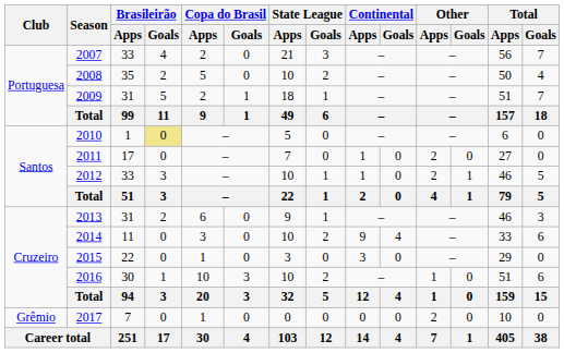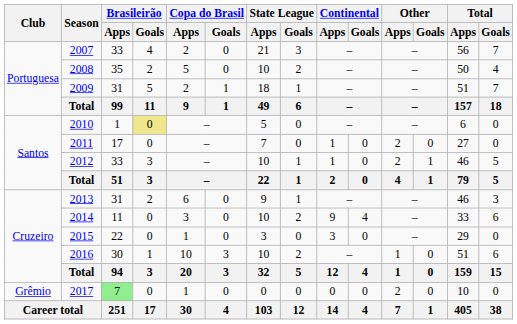 <table class="wikitable" style="text-align: center">
 <tr>
 <th rowspan=2>Club</th>
 <th rowspan=2>Season</th>
 <th colspan=2><a href='#'>Brasileirão</a></th>
 <th colspan=2><a href='#'>Copa do Brasil</a></th>
 <th colspan=2>State League</th>
 <th colspan=2><a href='#'>Continental</a></th>
 <th colspan=2>Other</th>
 <th colspan=2>Total</th>
 </tr>
 <tr>
 <th>Apps</th>
 <th>Goals</th>
 <th>Apps</th>
 <th>Goals</th>
 <th>Apps</th>
 <th>Goals</th>
 <th>Apps</th>
 <th>Goals</th>
 <th>Apps</th>
 <th>Goals</th>
 <th>Apps</th>
 <th>Goals</th>
 </tr>
 <tr>
 <td rowspan=4><a href='#'>Portuguesa</a></td>
 <td><a href='#'>2007</a></td>
 <td>33</td>
 <td>4</td>
 <td>2</td>
 <td>0</td>
 <td>21</td>
 <td>3</td>
 <td colspan=2>–</td>
 <td colspan=2>–</td>
 <td>56</td>
 <td>7</td>
 </tr>
 <tr>
 <td><a href='#'>2008</a></td>
 <td>35</td>
 <td>2</td>
 <td>5</td>
 <td>0</td>
 <td>10</td>
 <td>2</td>
 <td colspan=2>–</td>
 <td colspan=2>–</td>
 <td>50</td>
 <td>4</td>
 </tr>
 <tr>
 <td><a href='#'>2009</a></td>
 <td>31</td>
 <td>5</td>
 <td>2</td>
 <td>1</td>
 <td>18</td>
 <td>1</td>
 <td colspan=2>–</td>
 <td colspan=2>–</td>
 <td>51</td>
 <td>7</td>
 </tr>
 <tr>
 <th>Total</th>
 <th>99</th>
 <th>11</th>
 <th>9</th>
 <th>1</th>
 <th>49</th>
 <th>6</th>
 <th colspan=2>–</th>
 <th colspan=2>–</th>
 <th>157</th>
 <th>18</th>
 </tr>
 <tr>
 <td rowspan=4><a href='#'>Santos</a></td>
 <td><a href='#'>2010</a></td>
 <td>1</td>
 <td style="background: khaki;">0</td>
 <td colspan=2>–</td>
 <td>5</td>
 <td>0</td>
 <td colspan=2>–</td>
 <td colspan=2>–</td>
 <td>6</td>
 <td>0</td>
 </tr>
 <tr>
 <td><a href='#'>2011</a></td>
 <td>17</td>
 <td>0</td>
 <td colspan=2>–</td>
 <td>7</td>
 <td>0</td>
 <td>1</td>
 <td>0</td>
 <td>2</td>
 <td>0</td>
 <td>27</td>
 <td>0</td>
 </tr>
 <tr>
 <td><a href='#'>2012</a></td>
 <td>33</td>
 <td>3</td>
 <td colspan=2>–</td>
 <td>10</td>
 <td>1</td>
 <td>1</td>
 <td>0</td>
 <td>2</td>
 <td>1</td>
 <td>46</td>
 <td>5</td>
 </tr>
 <tr>
 <th>Total</th>
 <th>51</th>
 <th>3</th>
 <th colspan=2>–</th>
 <th>22</th>
 <th>1</th>
 <th>2</th>
 <th>0</th>
 <th>4</th>
 <th>1</th>
 <th>79</th>
 <th>5</th>
 </tr>
 <tr>
 <td rowspan=5><a href='#'>Cruzeiro</a></td>
 <td><a href='#'>2013</a></td>
 <td>31</td>
 <td>2</td>
 <td>6</td>
 <td>0</td>
 <td>9</td>
 <td>1</td>
 <td colspan=2>–</td>
 <td colspan=2>–</td>
 <td>46</td>
 <td>3</td>
 </tr>
 <tr>
 <td><a href='#'>2014</a></td>
 <td>11</td>
 <td>0</td>
 <td>3</td>
 <td>0</td>
 <td>10</td>
 <td>2</td>
 <td>9</td>
 <td>4</td>
 <td colspan=2>–</td>
 <td>33</td>
 <td>6</td>
 </tr>
 <tr>
 <td><a href='#'>2015</a></td>
 <td>22</td>
 <td>0</td>
 <td>1</td>
 <td>0</td>
 <td>3</td>
 <td>0</td>
 <td>3</td>
 <td>0</td>
 <td colspan=2>–</td>
 <td>29</td>
 <td>0</td>
 </tr>
 <tr>
 <td><a href='#'>2016</a></td>
 <td>30</td>
 <td>1</td>
 <td>10</td>
 <td>3</td>
 <td>10</td>
 <td>2</td>
 <td colspan=2>–</td>
 <td>1</td>
 <td>0</td>
 <td>51</td>
 <td>6</td>
 </tr>
 <tr>
 <th>Total</th>
 <th>94</th>
 <th>3</th>
 <th>20</th>
 <th>3</th>
 <th>32</th>
 <th>5</th>
 <th>12</th>
 <th>4</th>
 <th>1</th>
 <th>0</th>
 <th>159</th>
 <th>15</th>
 </tr>
 <tr>
 <td><a href='#'>Grêmio</a></td>
 <td><a href='#'>2017</a></td>
-<td>7</td>
+<td style="background: lightgreen;">7</td>
 <td>0</td>
 <td>1</td>
 <td>0</td>
 <td>0</td>
 <td>0</td>
 <td>0</td>
 <td>0</td>
 <td>2</td>
 <td>0</td>
 <td>10</td>
 <td>0</td>
 </tr>
 <tr>
 <th colspan="2">Career total</th>
 <th>251</th>
 <th>17</th>
 <th>30</th>
 <th>4</th>
 <th>103</th>
 <th>12</th>
 <th>14</th>
 <th>4</th>
 <th>7</th>
 <th>1</th>
 <th>405</th>
 <th>38</th>
 </tr>
 </table>
